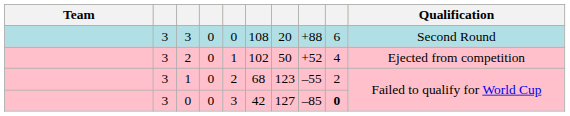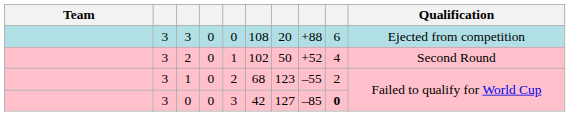 <table class="wikitable" style="text-align:center">
 <tr style="background:#bdb76b;">
 <th style="width:170px">Team</th>
 <th width="20"></th>
 <th width="20"></th>
 <th width="20"></th>
 <th width="20"></th>
 <th width="20"></th>
 <th width="20"></th>
 <th width="20"></th>
 <th width="20"></th>
 <th width="250">Qualification</th>
 </tr>
 <tr style="background: #B0E0E6;">
 <td style="text-align:left;"></td>
 <td>3</td>
 <td>3</td>
 <td>0</td>
 <td>0</td>
 <td>108</td>
 <td>20</td>
 <td>+88</td>
 <td>6</td>
-<td>Second Round</td>
+<td>Ejected from competition</td>
 </tr>
 <tr style="background:#FFC0CB;">
 <td style="text-align:left;"></td>
 <td>3</td>
 <td>2</td>
 <td>0</td>
 <td>1</td>
 <td>102</td>
 <td>50</td>
 <td>+52</td>
 <td>4</td>
-<td>Ejected from competition</td>
+<td>Second Round</td>
 </tr>
 <tr style="background:#FFC0CB;">
 <td style="text-align:left;"></td>
 <td>3</td>
 <td>1</td>
 <td>0</td>
 <td>2</td>
 <td>68</td>
 <td>123</td>
 <td>–55</td>
 <td>2</td>
 <td rowspan="3">Failed to qualify for <a href='#'>World Cup</a></td>
 </tr>
 <tr style="background:#FFC0CB;">
 <td style="text-align:left;"></td>
 <td>3</td>
 <td>0</td>
 <td>0</td>
 <td>3</td>
 <td>42</td>
 <td>127</td>
 <td>–85</td>
 <td><strong>0</strong></td>
 </tr>
 </table>
